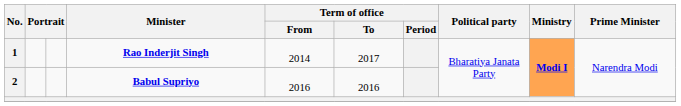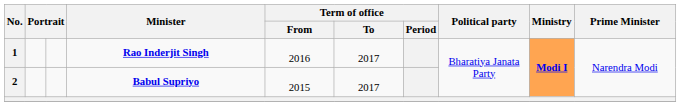 <table class="wikitable" style="text-align:center">
 <tr>
 <th rowspan="2">No.</th>
 <th rowspan="2" colspan="2">Portrait</th>
 <th rowspan="2" style="width:18em">Minister<br></th>
 <th colspan="3">Term of office</th>
 <th rowspan="2" style="width:8em">Political party</th>
 <th rowspan="2">Ministry</th>
 <th rowspan="2" style="width:9em">Prime Minister</th>
 </tr>
 <tr>
 <th style="width:6em">From</th>
 <th style="width:6em">To</th>
 <th>Period</th>
 </tr>
 <tr>
 <th>1</th>
 <td></td>
 <td></td>
 <td><strong><a href='#'>Rao Inderjit Singh</a></strong><br></td>
-<td><br>2014</td>
+<td><br>2016</td>
 <td><br>2017</td>
 <th></th>
 <td rowspan="2"><a href='#'>Bharatiya Janata Party</a></td>
 <td rowspan="2" style="background:#FFA551;"><strong><a href='#'>Modi I</a></strong></td>
 <td rowspan="2"><a href='#'>Narendra Modi</a></td>
 </tr>
 <tr>
 <th>2</th>
 <td></td>
 <td></td>
 <td><strong><a href='#'>Babul Supriyo</a></strong><br></td>
-<td><br>2016</td>
-<td><br>2016</td>
+<td><br>2015</td>
+<td><br>2017</td>
 <th></th>
 </tr>
 <tr>
 <th colspan="10"></th>
 </tr>
 <tr>
 </tr>
 </table>
